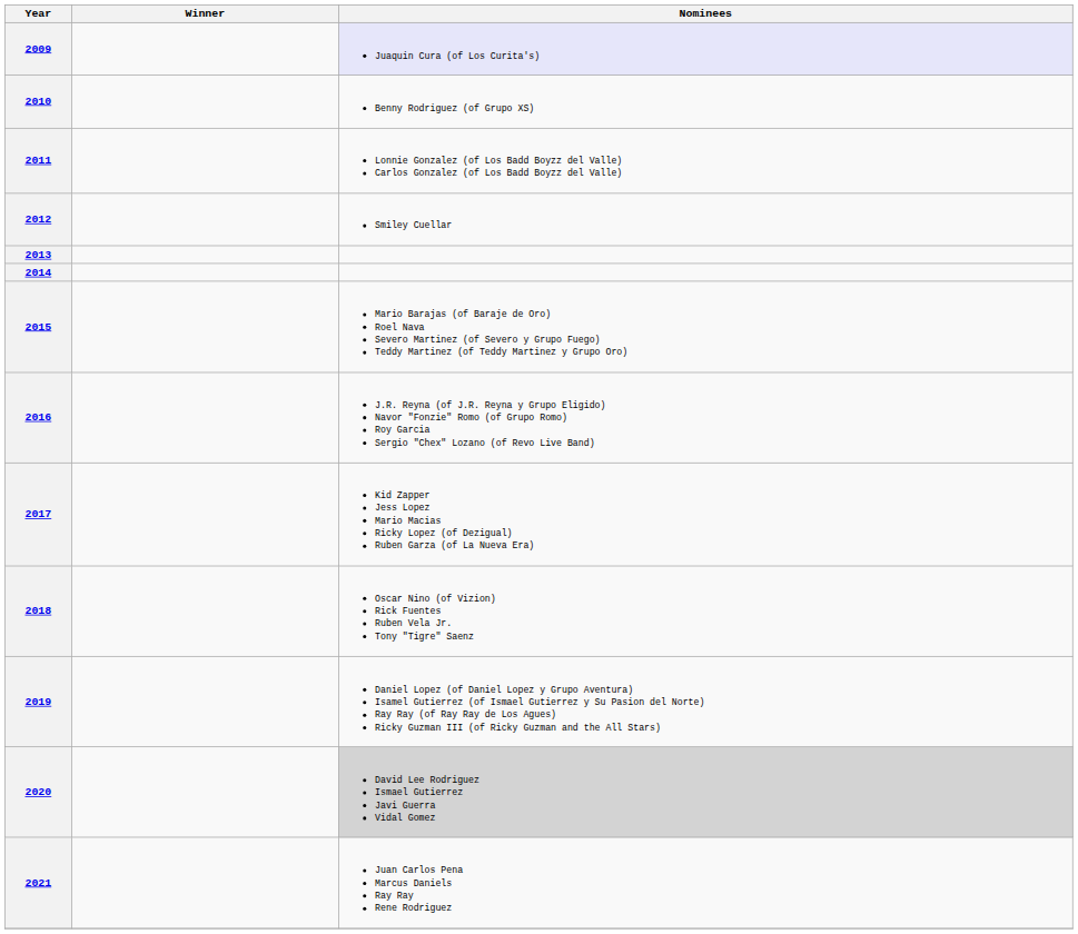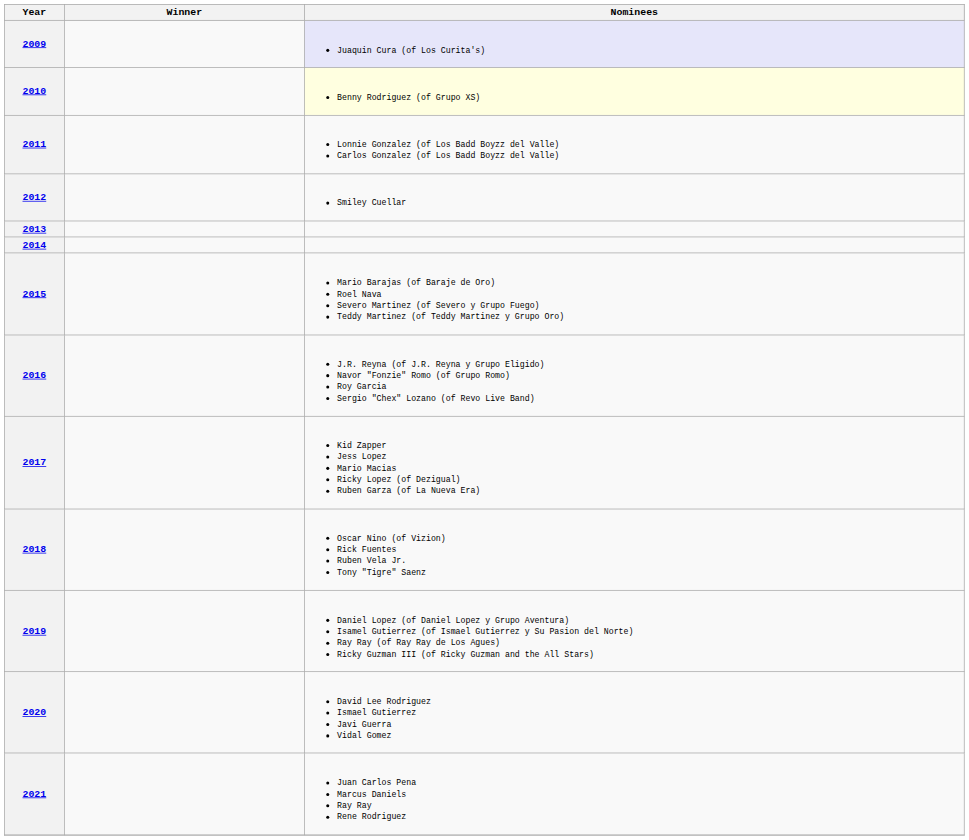 <table class="wikitable" style="width:100%">
 <tr bgcolor="#bebebe">
 <th width="5%">Year</th>
 <th width="20%">Winner</th>
 <th width="55%">Nominees</th>
 </tr>
 <tr>
 <th scope="row"><a href='#'>2009</a></th>
 <td></td>
 <td style="background: lavender;"><br><ul><li><small>Juaquin Cura (of Los Curita's)</small></li></ul></td>
 </tr>
 <tr>
 <th scope="row"><a href='#'>2010</a></th>
 <td></td>
-<td><br><ul><li><small>Benny Rodriguez (of Grupo XS)</small></li></ul></td>
+<td style="background: lightyellow;"><br><ul><li><small>Benny Rodriguez (of Grupo XS)</small></li></ul></td>
 </tr>
 <tr>
 <th scope="row"><a href='#'>2011</a></th>
 <td></td>
 <td><br><ul><li><small>Lonnie Gonzalez (of Los Badd Boyzz del Valle)</small></li><li><small>Carlos Gonzalez (of Los Badd Boyzz del Valle)</small></li></ul></td>
 </tr>
 <tr>
 <th scope="row"><a href='#'>2012</a></th>
 <td></td>
 <td><br><ul><li><small>Smiley Cuellar</small></li></ul></td>
 </tr>
 <tr>
 <th scope="row"><a href='#'>2013</a></th>
 <td></td>
 <td></td>
 </tr>
 <tr>
 <th scope="row"><a href='#'>2014</a></th>
 <td></td>
 <td></td>
 </tr>
 <tr>
 <th scope="row"><a href='#'>2015</a></th>
 <td></td>
 <td><br><ul><li><small>Mario Barajas (of Baraje de Oro)</small></li><li><small>Roel Nava</small></li><li><small>Severo Martinez (of Severo y Grupo Fuego)</small></li><li><small>Teddy Martinez (of Teddy Martinez y Grupo Oro)</small></li></ul></td>
 </tr>
 <tr>
 <th scope="row"><a href='#'>2016</a></th>
 <td></td>
 <td><br><ul><li><small>J.R. Reyna (of J.R. Reyna y Grupo Eligido)</small></li><li><small>Navor "Fonzie" Romo (of Grupo Romo)</small></li><li><small>Roy Garcia</small></li><li><small>Sergio "Chex" Lozano (of Revo Live Band)</small></li></ul></td>
 </tr>
 <tr>
 <th scope="row"><a href='#'>2017</a></th>
 <td></td>
 <td><br><ul><li><small>Kid Zapper</small></li><li><small>Jess Lopez</small></li><li><small>Mario Macias</small></li><li><small>Ricky Lopez (of Dezigual)</small></li><li><small>Ruben Garza (of La Nueva Era)</small></li></ul></td>
 </tr>
 <tr>
 <th scope="row"><a href='#'>2018</a></th>
 <td></td>
 <td><br><ul><li><small>Oscar Nino (of Vizion)</small></li><li><small>Rick Fuentes</small></li><li><small>Ruben Vela Jr.</small></li><li><small>Tony "Tigre" Saenz</small></li></ul></td>
 </tr>
 <tr>
 <th scope="row"><a href='#'>2019</a></th>
 <td></td>
 <td><br><ul><li><small>Daniel Lopez (of Daniel Lopez y Grupo Aventura)</small></li><li><small>Isamel Gutierrez (of Ismael Gutierrez y Su Pasion del Norte)</small></li><li><small>Ray Ray (of Ray Ray de Los Agues)</small></li><li><small>Ricky Guzman III (of Ricky Guzman and the All Stars)</small></li></ul></td>
 </tr>
 <tr>
 <th scope="row"><a href='#'>2020</a></th>
 <td></td>
-<td style="background: lightgrey;"><br><ul><li><small>David Lee Rodriguez</small></li><li><small>Ismael Gutierrez</small></li><li><small>Javi Guerra</small></li><li><small>Vidal Gomez</small></li></ul></td>
+<td><br><ul><li><small>David Lee Rodriguez</small></li><li><small>Ismael Gutierrez</small></li><li><small>Javi Guerra</small></li><li><small>Vidal Gomez</small></li></ul></td>
 </tr>
 <tr>
 <th scope="row"><a href='#'>2021</a></th>
 <td></td>
 <td><br><ul><li><small>Juan Carlos Pena</small></li><li><small>Marcus Daniels</small></li><li><small>Ray Ray</small></li><li><small>Rene Rodriguez</small></li></ul></td>
 </tr>
 <tr>
 </tr>
 </table>
